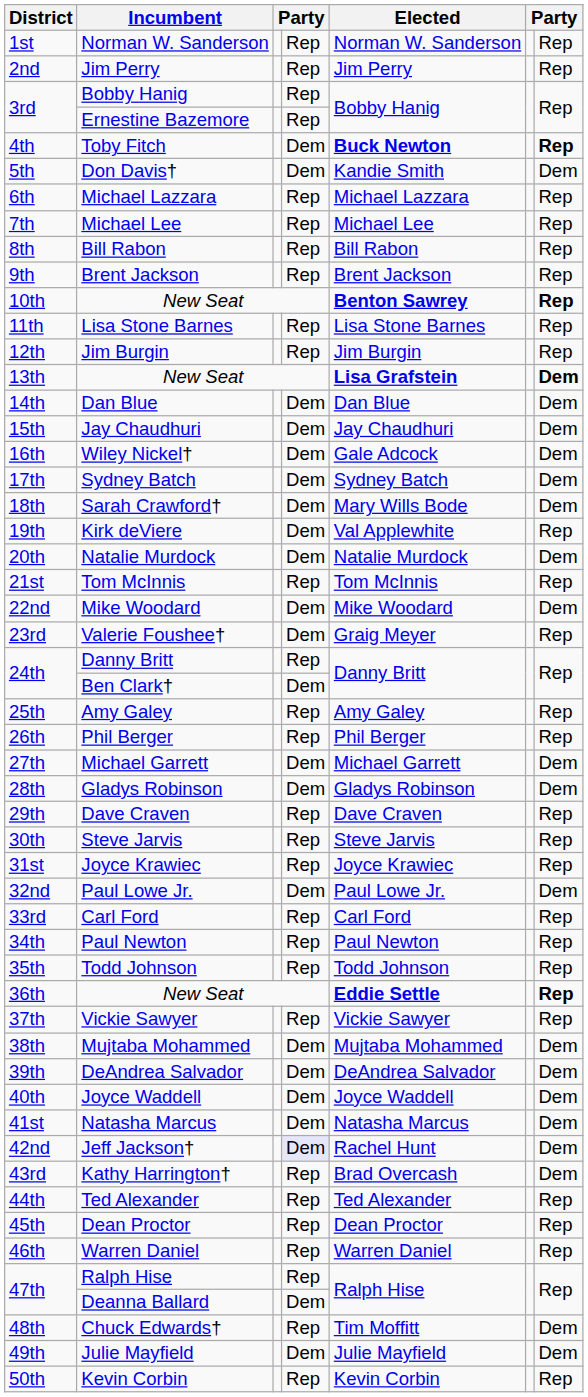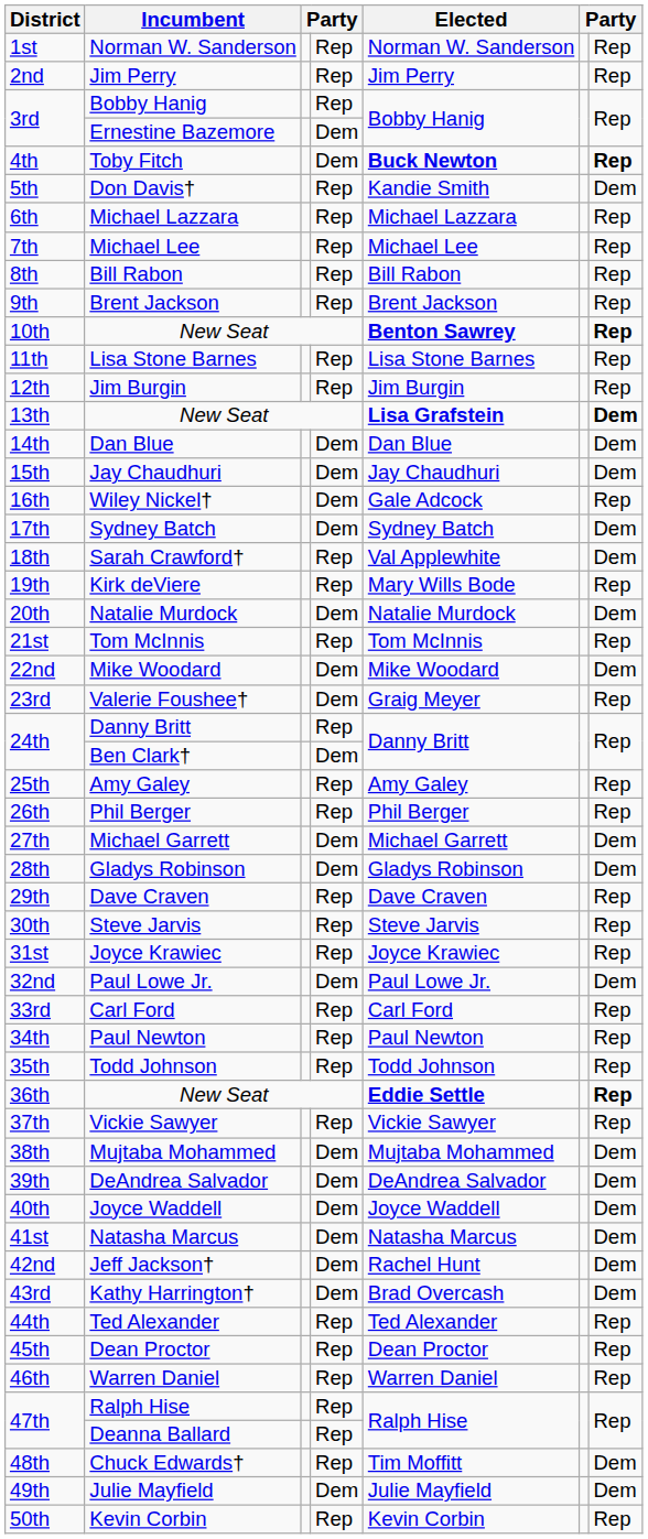 <table class="sortable wikitable" style="font-size:95%;line-height:14px;">
 <tr>
 <th class="unsortable">District</th>
 <th class="unsortable"><a href='#'>Incumbent</a></th>
 <th colspan="2">Party</th>
 <th class="unsortable">Elected</th>
 <th colspan="2">Party</th>
 </tr>
 <tr>
 <td><a href='#'>1st</a></td>
 <td><a href='#'>Norman W. Sanderson</a></td>
 <td style="background:"></td>
 <td>Rep</td>
 <td><a href='#'>Norman W. Sanderson</a></td>
 <td style="background:"></td>
 <td>Rep</td>
 </tr>
 <tr>
 <td><a href='#'>2nd</a></td>
 <td><a href='#'>Jim Perry</a></td>
 <td style="background:"></td>
 <td>Rep</td>
 <td><a href='#'>Jim Perry</a></td>
 <td style="background:"></td>
 <td>Rep</td>
 </tr>
 <tr>
 <td rowspan=2><a href='#'>3rd</a></td>
 <td><a href='#'>Bobby Hanig</a></td>
 <td style="background:"></td>
 <td>Rep</td>
 <td rowspan=2><a href='#'>Bobby Hanig</a></td>
 <td rowspan=2 style="background:"></td>
 <td rowspan=2>Rep</td>
 </tr>
 <tr>
 <td><a href='#'>Ernestine Bazemore</a></td>
 <td style="background:"></td>
-<td>Rep</td>
+<td>Dem</td>
 </tr>
 <tr>
 <td><a href='#'>4th</a></td>
 <td><a href='#'>Toby Fitch</a></td>
 <td style="background:"></td>
 <td>Dem</td>
 <td><strong><a href='#'>Buck Newton</a></strong></td>
 <td style="background:"></td>
 <td><strong>Rep</strong></td>
 </tr>
 <tr>
 <td><a href='#'>5th</a></td>
 <td><a href='#'>Don Davis</a>†</td>
 <td style="background:"></td>
-<td>Dem</td>
+<td>Rep</td>
 <td><a href='#'>Kandie Smith</a></td>
 <td style="background:"></td>
 <td>Dem</td>
 </tr>
 <tr>
 <td><a href='#'>6th</a></td>
 <td><a href='#'>Michael Lazzara</a></td>
 <td style="background:"></td>
 <td>Rep</td>
 <td><a href='#'>Michael Lazzara</a></td>
 <td style="background:"></td>
 <td>Rep</td>
 </tr>
 <tr>
 <td><a href='#'>7th</a></td>
 <td><a href='#'>Michael Lee</a></td>
 <td style="background:"></td>
 <td>Rep</td>
 <td><a href='#'>Michael Lee</a></td>
 <td style="background:"></td>
 <td>Rep</td>
 </tr>
 <tr>
 <td><a href='#'>8th</a></td>
 <td><a href='#'>Bill Rabon</a></td>
 <td style="background:"></td>
 <td>Rep</td>
 <td><a href='#'>Bill Rabon</a></td>
 <td style="background:"></td>
 <td>Rep</td>
 </tr>
 <tr>
 <td><a href='#'>9th</a></td>
 <td><a href='#'>Brent Jackson</a></td>
 <td style="background:"></td>
 <td>Rep</td>
 <td><a href='#'>Brent Jackson</a></td>
 <td style="background:"></td>
 <td>Rep</td>
 </tr>
 <tr>
 <td><a href='#'>10th</a></td>
 <td colspan=3 align=center><em>New Seat</em></td>
 <td><strong><a href='#'>Benton Sawrey</a></strong></td>
 <td style="background:"></td>
 <td><strong>Rep</strong></td>
 </tr>
 <tr>
 <td><a href='#'>11th</a></td>
 <td><a href='#'>Lisa Stone Barnes</a></td>
 <td style="background:"></td>
 <td>Rep</td>
 <td><a href='#'>Lisa Stone Barnes</a></td>
 <td style="background:"></td>
 <td>Rep</td>
 </tr>
 <tr>
 <td><a href='#'>12th</a></td>
 <td><a href='#'>Jim Burgin</a></td>
 <td style="background:"></td>
 <td>Rep</td>
 <td><a href='#'>Jim Burgin</a></td>
 <td style="background:"></td>
 <td>Rep</td>
 </tr>
 <tr>
 <td><a href='#'>13th</a></td>
 <td colspan=3 align=center><em>New Seat</em></td>
 <td><strong><a href='#'>Lisa Grafstein</a></strong></td>
 <td style="background:"></td>
 <td><strong>Dem</strong></td>
 </tr>
 <tr>
 <td><a href='#'>14th</a></td>
 <td><a href='#'>Dan Blue</a></td>
 <td style="background:"></td>
 <td>Dem</td>
 <td><a href='#'>Dan Blue</a></td>
 <td style="background:"></td>
 <td>Dem</td>
 </tr>
 <tr>
 <td><a href='#'>15th</a></td>
 <td><a href='#'>Jay Chaudhuri</a></td>
 <td style="background:"></td>
 <td>Dem</td>
 <td><a href='#'>Jay Chaudhuri</a></td>
 <td style="background:"></td>
 <td>Dem</td>
 </tr>
 <tr>
 <td><a href='#'>16th</a></td>
 <td><a href='#'>Wiley Nickel</a>†</td>
 <td style="background:"></td>
 <td>Dem</td>
 <td><a href='#'>Gale Adcock</a></td>
 <td style="background:"></td>
-<td>Dem</td>
+<td>Rep</td>
 </tr>
 <tr>
 <td><a href='#'>17th</a></td>
 <td><a href='#'>Sydney Batch</a></td>
 <td style="background:"></td>
 <td>Dem</td>
 <td><a href='#'>Sydney Batch</a></td>
 <td style="background:"></td>
 <td>Dem</td>
 </tr>
 <tr>
 <td><a href='#'>18th</a></td>
 <td><a href='#'>Sarah Crawford</a>†</td>
 <td style="background:"></td>
-<td>Dem</td>
-<td><a href='#'>Mary Wills Bode</a></td>
+<td>Rep</td>
+<td><a href='#'>Val Applewhite</a></td>
 <td style="background:"></td>
 <td>Dem</td>
 </tr>
 <tr>
 <td><a href='#'>19th</a></td>
 <td><a href='#'>Kirk deViere</a></td>
 <td style="background:"></td>
-<td>Dem</td>
-<td><a href='#'>Val Applewhite</a></td>
+<td>Rep</td>
+<td><a href='#'>Mary Wills Bode</a></td>
 <td style="background:"></td>
 <td>Rep</td>
 </tr>
 <tr>
 <td><a href='#'>20th</a></td>
 <td><a href='#'>Natalie Murdock</a></td>
 <td style="background:"></td>
 <td>Dem</td>
 <td><a href='#'>Natalie Murdock</a></td>
 <td style="background:"></td>
 <td>Dem</td>
 </tr>
 <tr>
 <td><a href='#'>21st</a></td>
 <td><a href='#'>Tom McInnis</a></td>
 <td style="background:"></td>
 <td>Rep</td>
 <td><a href='#'>Tom McInnis</a></td>
 <td style="background:"></td>
 <td>Rep</td>
 </tr>
 <tr>
 <td><a href='#'>22nd</a></td>
 <td><a href='#'>Mike Woodard</a></td>
 <td style="background:"></td>
 <td>Dem</td>
 <td><a href='#'>Mike Woodard</a></td>
 <td style="background:"></td>
 <td>Dem</td>
 </tr>
 <tr>
 <td><a href='#'>23rd</a></td>
 <td><a href='#'>Valerie Foushee</a>†</td>
 <td style="background:"></td>
 <td>Dem</td>
 <td><a href='#'>Graig Meyer</a></td>
 <td style="background:"></td>
 <td>Rep</td>
 </tr>
 <tr>
 <td rowspan=2><a href='#'>24th</a></td>
 <td><a href='#'>Danny Britt</a></td>
 <td style="background:"></td>
 <td>Rep</td>
 <td rowspan=2><a href='#'>Danny Britt</a></td>
 <td rowspan=2 style="background:"></td>
 <td rowspan=2>Rep</td>
 </tr>
 <tr>
 <td><a href='#'>Ben Clark</a>†</td>
 <td style="background:"></td>
 <td>Dem</td>
 </tr>
 <tr>
 <td><a href='#'>25th</a></td>
 <td><a href='#'>Amy Galey</a></td>
 <td style="background:"></td>
 <td>Rep</td>
 <td><a href='#'>Amy Galey</a></td>
 <td style="background:"></td>
 <td>Rep</td>
 </tr>
 <tr>
 <td><a href='#'>26th</a></td>
 <td><a href='#'>Phil Berger</a></td>
 <td style="background:"></td>
 <td>Rep</td>
 <td><a href='#'>Phil Berger</a></td>
 <td style="background:"></td>
 <td>Rep</td>
 </tr>
 <tr>
 <td><a href='#'>27th</a></td>
 <td><a href='#'>Michael Garrett</a></td>
 <td style="background:"></td>
 <td>Dem</td>
 <td><a href='#'>Michael Garrett</a></td>
 <td style="background:"></td>
 <td>Dem</td>
 </tr>
 <tr>
 <td><a href='#'>28th</a></td>
 <td><a href='#'>Gladys Robinson</a></td>
 <td style="background:"></td>
 <td>Dem</td>
 <td><a href='#'>Gladys Robinson</a></td>
 <td style="background:"></td>
 <td>Dem</td>
 </tr>
 <tr>
 <td><a href='#'>29th</a></td>
 <td><a href='#'>Dave Craven</a></td>
 <td style="background:"></td>
 <td>Rep</td>
 <td><a href='#'>Dave Craven</a></td>
 <td style="background:"></td>
 <td>Rep</td>
 </tr>
 <tr>
 <td><a href='#'>30th</a></td>
 <td><a href='#'>Steve Jarvis</a></td>
 <td style="background:"></td>
 <td>Rep</td>
 <td><a href='#'>Steve Jarvis</a></td>
 <td style="background:"></td>
 <td>Rep</td>
 </tr>
 <tr>
 <td><a href='#'>31st</a></td>
 <td><a href='#'>Joyce Krawiec</a></td>
 <td style="background:"></td>
 <td>Rep</td>
 <td><a href='#'>Joyce Krawiec</a></td>
 <td style="background:"></td>
 <td>Rep</td>
 </tr>
 <tr>
 <td><a href='#'>32nd</a></td>
 <td><a href='#'>Paul Lowe Jr.</a></td>
 <td style="background:"></td>
 <td>Dem</td>
 <td><a href='#'>Paul Lowe Jr.</a></td>
 <td style="background:"></td>
 <td>Dem</td>
 </tr>
 <tr>
 <td><a href='#'>33rd</a></td>
 <td><a href='#'>Carl Ford</a></td>
 <td style="background:"></td>
 <td>Rep</td>
 <td><a href='#'>Carl Ford</a></td>
 <td style="background:"></td>
 <td>Rep</td>
 </tr>
 <tr>
 <td><a href='#'>34th</a></td>
 <td><a href='#'>Paul Newton</a></td>
 <td style="background:"></td>
 <td>Rep</td>
 <td><a href='#'>Paul Newton</a></td>
 <td style="background:"></td>
 <td>Rep</td>
 </tr>
 <tr>
 <td><a href='#'>35th</a></td>
 <td><a href='#'>Todd Johnson</a></td>
 <td style="background:"></td>
 <td>Rep</td>
 <td><a href='#'>Todd Johnson</a></td>
 <td style="background:"></td>
 <td>Rep</td>
 </tr>
 <tr>
 <td><a href='#'>36th</a></td>
 <td colspan=3 align=center><em>New Seat</em></td>
 <td><strong><a href='#'>Eddie Settle</a></strong></td>
 <td style="background:"></td>
 <td><strong>Rep</strong></td>
 </tr>
 <tr>
 <td><a href='#'>37th</a></td>
 <td><a href='#'>Vickie Sawyer</a></td>
 <td style="background:"></td>
 <td>Rep</td>
 <td><a href='#'>Vickie Sawyer</a></td>
 <td style="background:"></td>
 <td>Rep</td>
 </tr>
 <tr>
 <td><a href='#'>38th</a></td>
 <td><a href='#'>Mujtaba Mohammed</a></td>
 <td style="background:"></td>
 <td>Dem</td>
 <td><a href='#'>Mujtaba Mohammed</a></td>
 <td style="background:"></td>
 <td>Dem</td>
 </tr>
 <tr>
 <td><a href='#'>39th</a></td>
 <td><a href='#'>DeAndrea Salvador</a></td>
 <td style="background:"></td>
 <td>Dem</td>
 <td><a href='#'>DeAndrea Salvador</a></td>
 <td style="background:"></td>
 <td>Dem</td>
 </tr>
 <tr>
 <td><a href='#'>40th</a></td>
 <td><a href='#'>Joyce Waddell</a></td>
 <td style="background:"></td>
 <td>Dem</td>
 <td><a href='#'>Joyce Waddell</a></td>
 <td style="background:"></td>
 <td>Dem</td>
 </tr>
 <tr>
 <td><a href='#'>41st</a></td>
 <td><a href='#'>Natasha Marcus</a></td>
 <td style="background:"></td>
 <td>Dem</td>
 <td><a href='#'>Natasha Marcus</a></td>
 <td style="background:"></td>
 <td>Dem</td>
 </tr>
 <tr>
 <td><a href='#'>42nd</a></td>
 <td><a href='#'>Jeff Jackson</a>†</td>
 <td style="background:"></td>
-<td style="background: lavender;">Dem</td>
+<td>Dem</td>
 <td><a href='#'>Rachel Hunt</a></td>
 <td style="background:"></td>
 <td>Dem</td>
 </tr>
 <tr>
 <td><a href='#'>43rd</a></td>
 <td><a href='#'>Kathy Harrington</a>†</td>
 <td style="background:"></td>
-<td>Rep</td>
+<td>Dem</td>
 <td><a href='#'>Brad Overcash</a></td>
 <td style="background:"></td>
 <td>Dem</td>
 </tr>
 <tr>
 <td><a href='#'>44th</a></td>
 <td><a href='#'>Ted Alexander</a></td>
 <td style="background:"></td>
 <td>Rep</td>
 <td><a href='#'>Ted Alexander</a></td>
 <td style="background:"></td>
 <td>Rep</td>
 </tr>
 <tr>
 <td><a href='#'>45th</a></td>
 <td><a href='#'>Dean Proctor</a></td>
 <td style="background:"></td>
 <td>Rep</td>
 <td><a href='#'>Dean Proctor</a></td>
 <td style="background:"></td>
 <td>Rep</td>
 </tr>
 <tr>
 <td><a href='#'>46th</a></td>
 <td><a href='#'>Warren Daniel</a></td>
 <td style="background:"></td>
 <td>Rep</td>
 <td><a href='#'>Warren Daniel</a></td>
 <td style="background:"></td>
 <td>Rep</td>
 </tr>
 <tr>
 <td rowspan=2><a href='#'>47th</a></td>
 <td><a href='#'>Ralph Hise</a></td>
 <td style="background:"></td>
 <td>Rep</td>
 <td rowspan=2><a href='#'>Ralph Hise</a></td>
 <td rowspan=2 style="background:"></td>
 <td rowspan=2>Rep</td>
 </tr>
 <tr>
 <td><a href='#'>Deanna Ballard</a></td>
 <td style="background:"></td>
-<td>Dem</td>
+<td>Rep</td>
 </tr>
 <tr>
 <td><a href='#'>48th</a></td>
 <td><a href='#'>Chuck Edwards</a>†</td>
 <td style="background:"></td>
 <td>Rep</td>
 <td><a href='#'>Tim Moffitt</a></td>
 <td style="background:"></td>
 <td>Dem</td>
 </tr>
 <tr>
 <td><a href='#'>49th</a></td>
 <td><a href='#'>Julie Mayfield</a></td>
 <td style="background:"></td>
 <td>Dem</td>
 <td><a href='#'>Julie Mayfield</a></td>
 <td style="background:"></td>
 <td>Dem</td>
 </tr>
 <tr>
 <td><a href='#'>50th</a></td>
 <td><a href='#'>Kevin Corbin</a></td>
 <td style="background:"></td>
 <td>Rep</td>
 <td><a href='#'>Kevin Corbin</a></td>
 <td style="background:"></td>
 <td>Rep</td>
 </tr>
 </table>
